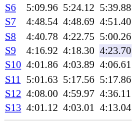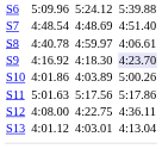 <table>
 <tr>
 <td><a href='#'>S6</a></td>
 <td></td>
 <td>5:09.96</td>
 <td></td>
 <td>5:24.12</td>
 <td></td>
 <td>5:39.88</td>
 </tr>
 <tr>
 <td><a href='#'>S7</a></td>
 <td></td>
 <td>4:48.54</td>
 <td></td>
 <td>4:48.69</td>
 <td></td>
 <td>4:51.40</td>
 </tr>
 <tr>
 <td><a href='#'>S8</a></td>
 <td></td>
 <td>4:40.78</td>
 <td></td>
-<td>4:22.75</td>
+<td>4:59.97</td>
 <td></td>
-<td>5:00.26</td>
+<td>4:06.61</td>
 </tr>
 <tr>
 <td><a href='#'>S9</a></td>
 <td></td>
 <td>4:16.92</td>
 <td></td>
 <td>4:18.30</td>
 <td></td>
 <td style="background: lavender;">4:23.70</td>
 </tr>
 <tr>
 <td><a href='#'>S10</a></td>
 <td></td>
 <td>4:01.86</td>
 <td></td>
 <td>4:03.89</td>
 <td></td>
-<td>4:06.61</td>
+<td>5:00.26</td>
 </tr>
 <tr>
 <td><a href='#'>S11</a></td>
 <td></td>
 <td>5:01.63</td>
 <td></td>
 <td>5:17.56</td>
 <td></td>
 <td>5:17.86</td>
 </tr>
 <tr>
 <td><a href='#'>S12</a></td>
 <td></td>
 <td>4:08.00</td>
 <td></td>
-<td>4:59.97</td>
+<td>4:22.75</td>
 <td></td>
 <td>4:36.11</td>
 </tr>
 <tr>
 <td><a href='#'>S13</a></td>
 <td></td>
 <td>4:01.12</td>
 <td></td>
 <td>4:03.01</td>
 <td></td>
 <td>4:13.04</td>
 </tr>
 <tr>
 <td colspan=7></td>
 </tr>
 <tr>
 </tr>
 <tr bgcolor= e8e8e8>
 <td colspan=7></td>
 </tr>
 </table>
